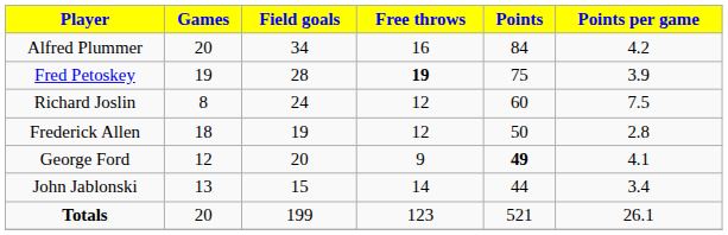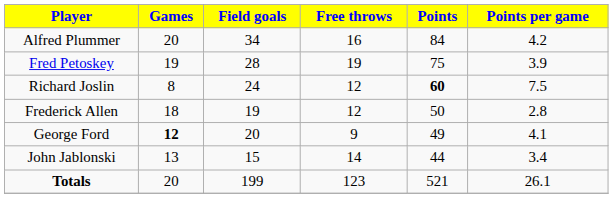 <table class="wikitable" width="650">
 <tr align="center"  style="background:yellow;color:blue;">
 <td><strong>Player</strong></td>
 <td><strong>Games</strong></td>
 <td><strong>Field goals</strong></td>
 <td><strong>Free throws</strong></td>
 <td><strong>Points</strong></td>
 <td><strong>Points per game</strong></td>
 </tr>
 <tr align="center" bgcolor="">
 <td>Alfred Plummer</td>
 <td>20</td>
 <td>34</td>
 <td>16</td>
 <td>84</td>
 <td>4.2</td>
 </tr>
 <tr align="center" bgcolor="">
 <td><a href='#'>Fred Petoskey</a></td>
 <td>19</td>
 <td>28</td>
-<td><strong>19</strong></td>
+<td>19</td>
 <td>75</td>
 <td>3.9</td>
 </tr>
 <tr align="center" bgcolor="">
 <td>Richard Joslin</td>
 <td>8</td>
 <td>24</td>
 <td>12</td>
-<td>60</td>
+<td><strong>60</strong></td>
 <td>7.5</td>
 </tr>
 <tr align="center" bgcolor="">
 <td>Frederick Allen</td>
 <td>18</td>
 <td>19</td>
 <td>12</td>
 <td>50</td>
 <td>2.8</td>
 </tr>
 <tr align="center" bgcolor="">
 <td>George Ford</td>
-<td>12</td>
+<td><strong>12</strong></td>
 <td>20</td>
 <td>9</td>
-<td><strong>49</strong></td>
+<td>49</td>
 <td>4.1</td>
 </tr>
 <tr align="center" bgcolor="">
 <td>John Jablonski</td>
 <td>13</td>
 <td>15</td>
 <td>14</td>
 <td>44</td>
 <td>3.4</td>
 </tr>
 <tr align="center" bgcolor="">
 <td><strong>Totals</strong></td>
 <td>20</td>
 <td>199</td>
 <td>123</td>
 <td>521</td>
 <td>26.1</td>
 </tr>
 <tr align="center" bgcolor="">
 </tr>
 </table>
